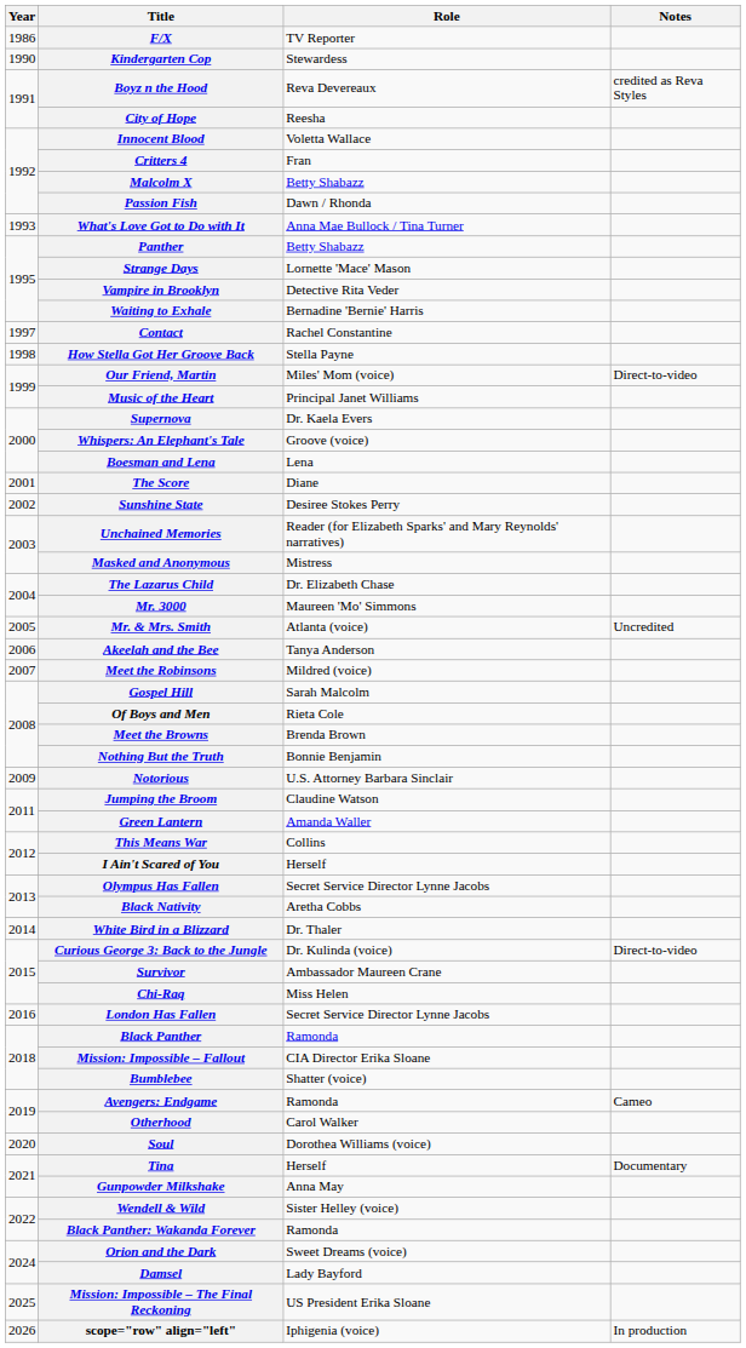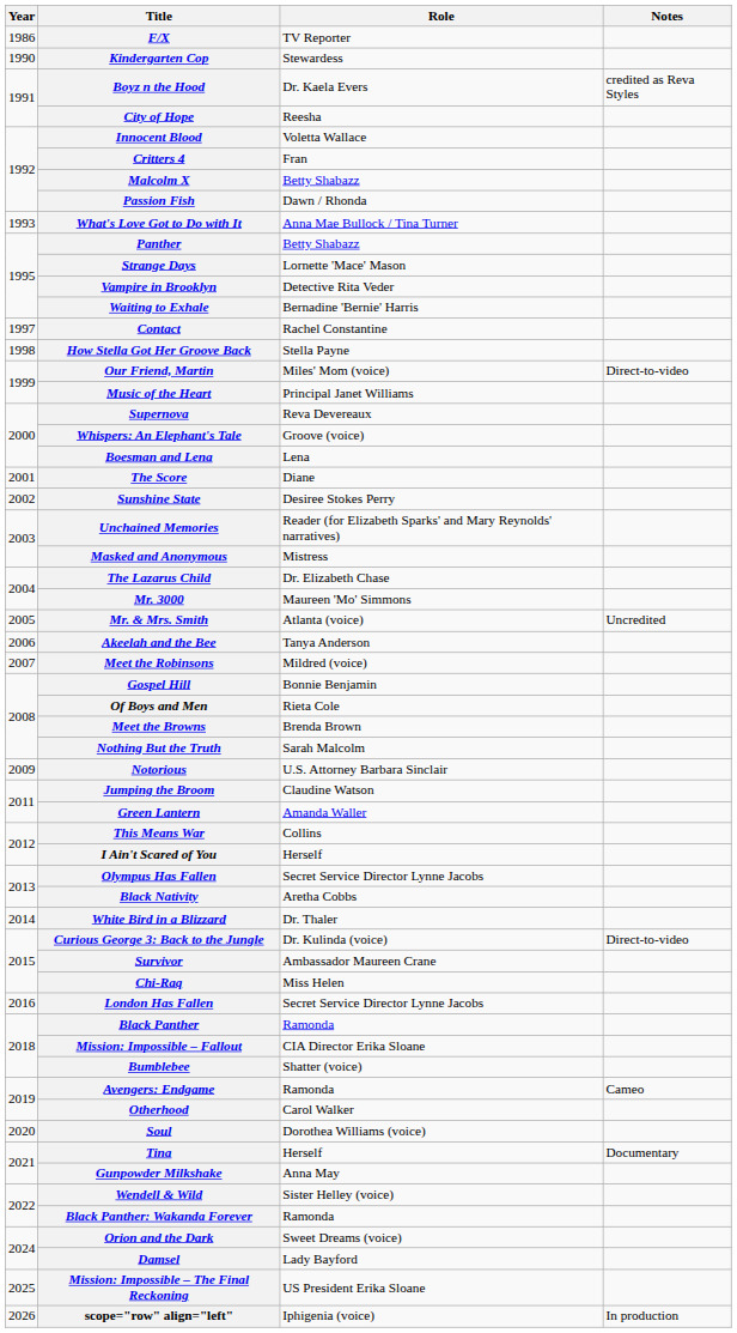 <table class="wikitable plainrowheaders sortable">
 <tr>
 <th scope="col">Year</th>
 <th scope="col">Title</th>
 <th scope="col">Role</th>
 <th scope="col" class="unsortable">Notes</th>
 </tr>
 <tr>
 <td>1986</td>
 <th scope="row"><em><a href='#'>F/X</a></em></th>
 <td>TV Reporter</td>
 <td></td>
 </tr>
 <tr>
 <td>1990</td>
 <th scope="row"><em><a href='#'>Kindergarten Cop</a></em></th>
 <td>Stewardess</td>
 <td></td>
 </tr>
 <tr>
 <td rowspan="2">1991</td>
 <th scope="row"><em><a href='#'>Boyz n the Hood</a></em></th>
-<td>Reva Devereaux</td>
+<td>Dr. Kaela Evers</td>
 <td>credited as Reva Styles</td>
 </tr>
 <tr>
 <th scope="row"><em><a href='#'>City of Hope</a></em></th>
 <td>Reesha</td>
 <td></td>
 </tr>
 <tr>
 <td rowspan="4">1992</td>
 <th scope="row"><em><a href='#'>Innocent Blood</a></em></th>
 <td>Voletta Wallace</td>
 <td></td>
 </tr>
 <tr>
 <th scope="row"><em><a href='#'>Critters 4</a></em></th>
 <td>Fran</td>
 <td></td>
 </tr>
 <tr>
 <th scope="row"><em><a href='#'>Malcolm X</a></em></th>
 <td><a href='#'>Betty Shabazz</a></td>
 <td></td>
 </tr>
 <tr>
 <th scope="row"><em><a href='#'>Passion Fish</a></em></th>
 <td>Dawn / Rhonda</td>
 <td></td>
 </tr>
 <tr>
 <td>1993</td>
 <th scope="row"><em><a href='#'>What's Love Got to Do with It</a></em></th>
 <td><a href='#'>Anna Mae Bullock / Tina Turner</a></td>
 <td></td>
 </tr>
 <tr>
 <td rowspan=4>1995</td>
 <th scope="row"><em><a href='#'>Panther</a></em></th>
 <td><a href='#'>Betty Shabazz</a></td>
 <td></td>
 </tr>
 <tr>
 <th scope="row"><em><a href='#'>Strange Days</a></em></th>
 <td>Lornette 'Mace' Mason</td>
 <td></td>
 </tr>
 <tr>
 <th scope="row"><em><a href='#'>Vampire in Brooklyn</a></em></th>
 <td>Detective Rita Veder</td>
 <td></td>
 </tr>
 <tr>
 <th scope="row"><em><a href='#'>Waiting to Exhale</a></em></th>
 <td>Bernadine 'Bernie' Harris</td>
 <td></td>
 </tr>
 <tr>
 <td>1997</td>
 <th scope="row"><em><a href='#'>Contact</a></em></th>
 <td>Rachel Constantine</td>
 <td></td>
 </tr>
 <tr>
 <td>1998</td>
 <th scope="row"><em><a href='#'>How Stella Got Her Groove Back</a></em></th>
 <td>Stella Payne</td>
 <td></td>
 </tr>
 <tr>
 <td rowspan=2>1999</td>
 <th scope="row"><em><a href='#'>Our Friend, Martin</a></em></th>
 <td>Miles' Mom (voice)</td>
 <td>Direct-to-video</td>
 </tr>
 <tr>
 <th scope="row"><em><a href='#'>Music of the Heart</a></em></th>
 <td>Principal Janet Williams</td>
 <td></td>
 </tr>
 <tr>
 <td rowspan=3>2000</td>
 <th scope="row"><em><a href='#'>Supernova</a></em></th>
-<td>Dr. Kaela Evers</td>
+<td>Reva Devereaux</td>
 <td></td>
 </tr>
 <tr>
 <th scope="row"><em><a href='#'>Whispers: An Elephant's Tale</a></em></th>
 <td>Groove (voice)</td>
 <td></td>
 </tr>
 <tr>
 <th scope="row"><em><a href='#'>Boesman and Lena</a></em></th>
 <td>Lena</td>
 <td></td>
 </tr>
 <tr>
 <td>2001</td>
 <th scope="row"><em><a href='#'>The Score</a></em></th>
 <td>Diane</td>
 <td></td>
 </tr>
 <tr>
 <td>2002</td>
 <th scope="row"><em><a href='#'>Sunshine State</a></em></th>
 <td>Desiree Stokes Perry</td>
 <td></td>
 </tr>
 <tr>
 <td rowspan=2>2003</td>
 <th scope="row"><em><a href='#'>Unchained Memories</a></em></th>
 <td>Reader (for Elizabeth Sparks' and Mary Reynolds' narratives)</td>
 <td></td>
 </tr>
 <tr>
 <th scope="row"><em><a href='#'>Masked and Anonymous</a></em></th>
 <td>Mistress</td>
 <td></td>
 </tr>
 <tr>
 <td rowspan=2>2004</td>
 <th scope="row"><em><a href='#'>The Lazarus Child</a></em></th>
 <td>Dr. Elizabeth Chase</td>
 <td></td>
 </tr>
 <tr>
 <th scope="row"><em><a href='#'>Mr. 3000</a></em></th>
 <td>Maureen 'Mo' Simmons</td>
 <td></td>
 </tr>
 <tr>
 <td>2005</td>
 <th scope="row"><em><a href='#'>Mr. & Mrs. Smith</a></em></th>
 <td>Atlanta (voice)</td>
 <td>Uncredited</td>
 </tr>
 <tr>
 <td>2006</td>
 <th scope="row"><em><a href='#'>Akeelah and the Bee</a></em></th>
 <td>Tanya Anderson</td>
 <td></td>
 </tr>
 <tr>
 <td>2007</td>
 <th scope="row"><em><a href='#'>Meet the Robinsons</a></em></th>
 <td>Mildred (voice)</td>
 <td></td>
 </tr>
 <tr>
 <td rowspan=4>2008</td>
 <th scope="row"><em><a href='#'>Gospel Hill</a></em></th>
-<td>Sarah Malcolm</td>
+<td>Bonnie Benjamin</td>
 <td></td>
 </tr>
 <tr>
 <th scope="row"><em>Of Boys and Men</em></th>
 <td>Rieta Cole</td>
 <td></td>
 </tr>
 <tr>
 <th scope="row"><em><a href='#'>Meet the Browns</a></em></th>
 <td>Brenda Brown</td>
 <td></td>
 </tr>
 <tr>
 <th scope="row"><em><a href='#'>Nothing But the Truth</a></em></th>
-<td>Bonnie Benjamin</td>
+<td>Sarah Malcolm</td>
 <td></td>
 </tr>
 <tr>
 <td>2009</td>
 <th scope="row"><em><a href='#'>Notorious</a></em></th>
 <td>U.S. Attorney Barbara Sinclair</td>
 <td></td>
 </tr>
 <tr>
 <td rowspan=2>2011</td>
 <th scope="row"><em><a href='#'>Jumping the Broom</a></em></th>
 <td>Claudine Watson</td>
 <td></td>
 </tr>
 <tr>
 <th scope="row"><em><a href='#'>Green Lantern</a></em></th>
 <td><a href='#'>Amanda Waller</a></td>
 <td></td>
 </tr>
 <tr>
 <td rowspan=2>2012</td>
 <th scope="row"><em><a href='#'>This Means War</a></em></th>
 <td>Collins</td>
 <td></td>
 </tr>
 <tr>
 <th scope="row"><em>I Ain't Scared of You</em></th>
 <td>Herself</td>
 <td></td>
 </tr>
 <tr>
 <td rowspan=2>2013</td>
 <th scope="row"><em><a href='#'>Olympus Has Fallen</a></em></th>
 <td>Secret Service Director Lynne Jacobs</td>
 <td></td>
 </tr>
 <tr>
 <th scope="row"><em><a href='#'>Black Nativity</a></em></th>
 <td>Aretha Cobbs</td>
 <td></td>
 </tr>
 <tr>
 <td>2014</td>
 <th scope="row"><em><a href='#'>White Bird in a Blizzard</a></em></th>
 <td>Dr. Thaler</td>
 <td></td>
 </tr>
 <tr>
 <td rowspan=3>2015</td>
 <th scope="row"><em><a href='#'>Curious George 3: Back to the Jungle</a></em></th>
 <td>Dr. Kulinda (voice)</td>
 <td>Direct-to-video</td>
 </tr>
 <tr>
 <th scope="row"><em><a href='#'>Survivor</a></em></th>
 <td>Ambassador Maureen Crane</td>
 <td></td>
 </tr>
 <tr>
 <th scope="row"><em><a href='#'>Chi-Raq</a></em></th>
 <td>Miss Helen</td>
 <td></td>
 </tr>
 <tr>
 <td>2016</td>
 <th scope="row"><em><a href='#'>London Has Fallen</a></em></th>
 <td>Secret Service Director Lynne Jacobs</td>
 <td></td>
 </tr>
 <tr>
 <td rowspan=3>2018</td>
 <th scope="row"><em><a href='#'>Black Panther</a></em></th>
 <td><a href='#'>Ramonda</a></td>
 <td></td>
 </tr>
 <tr>
 <th scope="row"><em><a href='#'>Mission: Impossible – Fallout</a></em></th>
 <td>CIA Director Erika Sloane</td>
 <td></td>
 </tr>
 <tr>
 <th scope="row"><em><a href='#'>Bumblebee</a></em></th>
 <td>Shatter (voice)</td>
 <td></td>
 </tr>
 <tr>
 <td rowspan=2>2019</td>
 <th scope="row"><em><a href='#'>Avengers: Endgame</a></em></th>
 <td>Ramonda</td>
 <td>Cameo</td>
 </tr>
 <tr>
 <th scope="row"><em><a href='#'>Otherhood</a></em></th>
 <td>Carol Walker</td>
 <td></td>
 </tr>
 <tr>
 <td>2020</td>
 <th scope="row"><em><a href='#'>Soul</a></em></th>
 <td>Dorothea Williams (voice)</td>
 <td></td>
 </tr>
 <tr>
 <td rowspan=2>2021</td>
 <th scope="row"><em><a href='#'>Tina</a></em></th>
 <td>Herself</td>
 <td>Documentary</td>
 </tr>
 <tr>
 <th scope="row"><em><a href='#'>Gunpowder Milkshake</a></em></th>
 <td>Anna May</td>
 <td></td>
 </tr>
 <tr>
 <td rowspan=2>2022</td>
 <th scope="row"><em><a href='#'>Wendell & Wild</a></em></th>
 <td>Sister Helley (voice)</td>
 <td></td>
 </tr>
 <tr>
 <th scope="row" align="left"><em><a href='#'>Black Panther: Wakanda Forever</a></em></th>
 <td>Ramonda</td>
 <td></td>
 </tr>
 <tr>
 <td rowspan=2>2024</td>
 <th scope="row" align="left"><em><a href='#'>Orion and the Dark</a></em></th>
 <td>Sweet Dreams (voice)</td>
 <td></td>
 </tr>
 <tr>
 <th scope="row" align="left"><em><a href='#'>Damsel</a></em></th>
 <td>Lady Bayford</td>
 <td></td>
 </tr>
 <tr>
 <td>2025</td>
 <th scope="row" align="left"><em><a href='#'>Mission: Impossible – The Final Reckoning</a></em></th>
 <td>US President Erika Sloane</td>
 <td></td>
 </tr>
 <tr>
 <td>2026</td>
 <th>scope="row" align="left" </th>
 <td>Iphigenia (voice)</td>
 <td>In production</td>
 </tr>
 </table>
